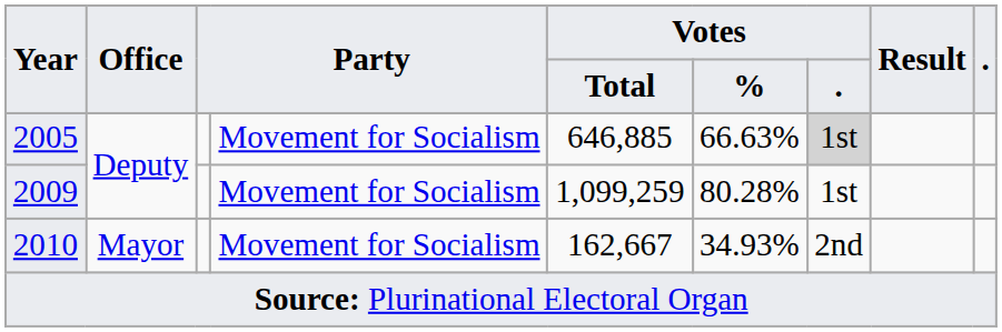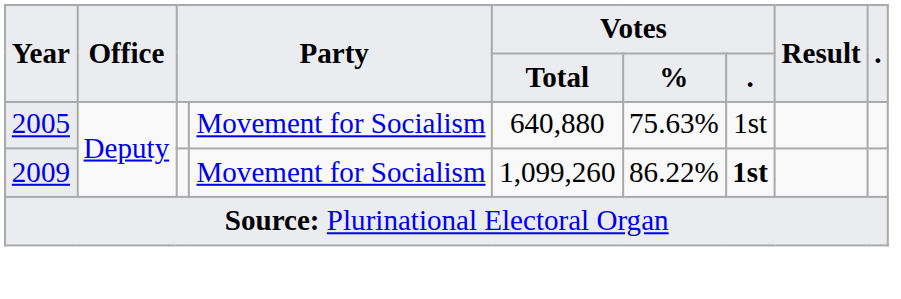 <table class="wikitable" style="font-size:90%; text-align:center;">
 <tr>
 <th style="background-color:#EAECF0;" rowspan=2>Year</th>
 <th style="background-color:#EAECF0;" rowspan=2>Office</th>
 <th style="background-color:#EAECF0;" colspan=2 rowspan=2>Party</th>
 <th style="background-color:#EAECF0;" colspan=3>Votes</th>
 <th style="background-color:#EAECF0;" rowspan=2>Result</th>
 <th style="background-color:#EAECF0;" rowspan=2>.</th>
 </tr>
 <tr>
 <th style="background-color:#EAECF0;">Total</th>
 <th style="background-color:#EAECF0;">%</th>
 <th style="background-color:#EAECF0;">.</th>
 </tr>
 <tr>
 <td style="background-color:#EAECF0;"><a href='#'>2005</a></td>
 <td rowspan=2><a href='#'>Deputy</a></td>
 <td style="background-color:"></td>
 <td><a href='#'>Movement for Socialism</a></td>
-<td>646,885</td>
-<td>66.63%</td>
-<td style="background: lightgrey;">1st</td>
+<td>640,880</td>
+<td>75.63%</td>
+<td>1st</td>
 <td></td>
 <td></td>
 </tr>
 <tr>
 <td style="background-color:#EAECF0;"><a href='#'>2009</a></td>
 <td style="background-color:"></td>
 <td><a href='#'>Movement for Socialism</a></td>
-<td>1,099,259</td>
-<td>80.28%</td>
-<td>1st</td>
-<td></td>
-<td></td>
-</tr>
-<tr>
-<td style="background-color:#EAECF0;"><a href='#'>2010</a></td>
-<td><a href='#'>Mayor</a></td>
-<td style="background-color:"></td>
-<td><a href='#'>Movement for Socialism</a></td>
-<td>162,667</td>
-<td>34.93%</td>
-<td>2nd</td>
+<td>1,099,260</td>
+<td>86.22%</td>
+<td><strong>1st</strong></td>
 <td></td>
 <td></td>
 </tr>
 <tr>
 <td style="background-color:#EAECF0;" colspan=9><strong>Source:</strong> <a href='#'>Plurinational Electoral Organ</a>  </td>
 </tr>
 </table>
